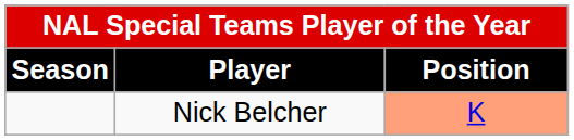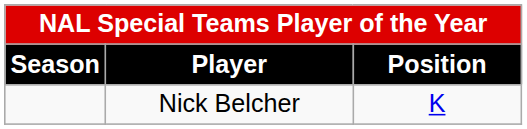 <table class="wikitable sortable" style="text-align:center">
 <tr>
 <td colspan="4" style="background:#d00; color:white;"><strong>NAL Special Teams Player of the Year</strong></td>
 </tr>
 <tr>
 <th style="width:50px; background:black; color:white;">Season</th>
 <th style="width:150px; background:black; color:white;">Player</th>
 <th style="width:100px; background:black; color:white;">Position</th>
 </tr>
 <tr>
 <td></td>
 <td>Nick Belcher</td>
-<td style="background: lightsalmon;"><a href='#'>K</a></td>
+<td><a href='#'>K</a></td>
 </tr>
 </table>
